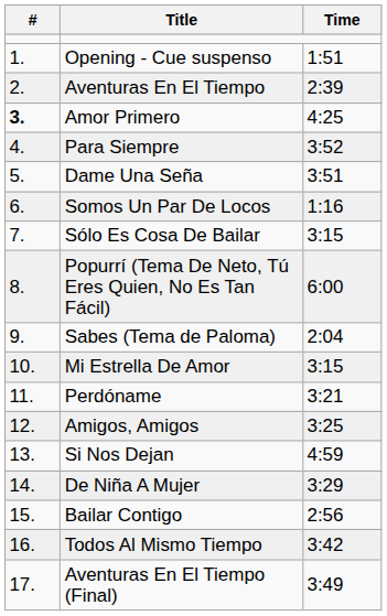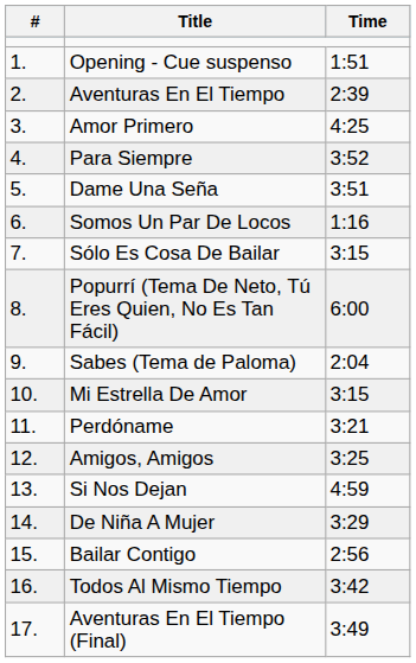 <table class="wikitable"|width=100%>
 <tr bgcolor="skyblue">
 <th width="40" rowspan="2" align="center"><span><small>#</small></span></th>
 <th width= "200" rowspan="2" align="center"><span><small> Title</small></span></th>
 <th width="60" rowspan="2" align="center"><span><small>Time</small></span></th>
 </tr>
 <tr bgcolor="#F0F0F0">
 </tr>
 <tr>
 <td></td>
 </tr>
 <tr>
 <td>1.</td>
 <td>Opening - Cue suspenso</td>
 <td>1:51</td>
 </tr>
 <tr bgcolor="#F0F0F0">
 <td>2.</td>
 <td>Aventuras En El Tiempo</td>
 <td>2:39</td>
 </tr>
 <tr>
-<td><strong>3.</strong></td>
+<td>3.</td>
 <td>Amor Primero</td>
 <td>4:25</td>
 </tr>
 <tr bgcolor="#F0F0F0">
 <td>4.</td>
 <td>Para Siempre</td>
 <td>3:52</td>
 </tr>
 <tr>
 <td>5.</td>
 <td>Dame Una Seña</td>
 <td>3:51</td>
 </tr>
 <tr bgcolor="#F0F0F0">
 <td>6.</td>
 <td>Somos Un Par De Locos</td>
 <td>1:16</td>
 </tr>
 <tr>
 <td>7.</td>
 <td>Sólo Es Cosa De Bailar</td>
 <td>3:15</td>
 </tr>
 <tr bgcolor="#F0F0F0">
 <td>8.</td>
 <td>Popurrí (Tema De Neto, Tú Eres Quien, No Es Tan Fácil)</td>
 <td>6:00</td>
 </tr>
 <tr>
 <td>9.</td>
 <td>Sabes (Tema de Paloma)</td>
 <td>2:04</td>
 </tr>
 <tr bgcolor="#F0F0F0">
 <td>10.</td>
 <td>Mi Estrella De Amor</td>
 <td>3:15</td>
 </tr>
 <tr>
 <td>11.</td>
 <td>Perdóname</td>
 <td>3:21</td>
 </tr>
 <tr bgcolor="#F0F0F0">
 <td>12.</td>
 <td>Amigos, Amigos</td>
 <td>3:25</td>
 </tr>
 <tr>
 <td>13.</td>
 <td>Si Nos Dejan</td>
 <td>4:59</td>
 </tr>
 <tr bgcolor="#F0F0F0">
 <td>14.</td>
 <td>De Niña A Mujer</td>
 <td>3:29</td>
 </tr>
 <tr>
 <td>15.</td>
 <td>Bailar Contigo</td>
 <td>2:56</td>
 </tr>
 <tr bgcolor="#F0F0F0">
 <td>16.</td>
 <td>Todos Al Mismo Tiempo</td>
 <td>3:42</td>
 </tr>
 <tr>
 <td>17.</td>
 <td>Aventuras En El Tiempo (Final)</td>
 <td>3:49</td>
 </tr>
 </table>
